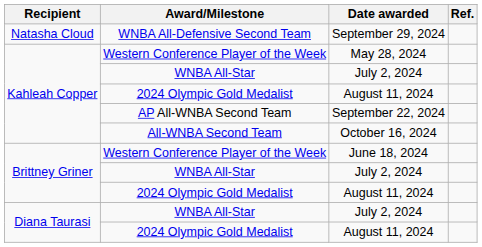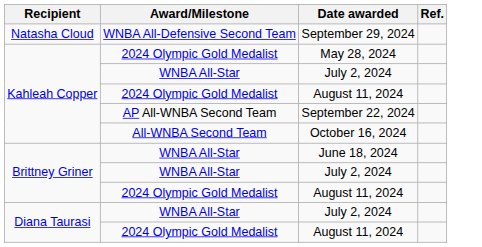 <table class="wikitable sortable sortable" style="text-align: center">
 <tr>
 <th>Recipient</th>
 <th>Award/Milestone</th>
 <th>Date awarded</th>
 <th>Ref.</th>
 </tr>
 <tr>
 <td><a href='#'>Natasha Cloud</a></td>
 <td><a href='#'>WNBA All-Defensive Second Team</a></td>
 <td>September 29, 2024</td>
 <td></td>
 </tr>
 <tr>
 <td rowspan=5><a href='#'>Kahleah Copper</a></td>
-<td><a href='#'>Western Conference Player of the Week</a></td>
+<td><a href='#'>2024 Olympic Gold Medalist</a></td>
 <td>May 28, 2024</td>
 <td></td>
 </tr>
 <tr>
 <td><a href='#'>WNBA All-Star</a></td>
 <td>July 2, 2024</td>
 <td></td>
 </tr>
 <tr>
 <td><a href='#'>2024 Olympic Gold Medalist</a></td>
 <td>August 11, 2024</td>
 <td></td>
 </tr>
 <tr>
 <td><a href='#'>AP</a> All-WNBA Second Team</td>
 <td>September 22, 2024</td>
 <td></td>
 </tr>
 <tr>
 <td><a href='#'>All-WNBA Second Team</a></td>
 <td>October 16, 2024</td>
 <td></td>
 </tr>
 <tr>
 <td rowspan=3><a href='#'>Brittney Griner</a></td>
-<td><a href='#'>Western Conference Player of the Week</a></td>
+<td><a href='#'>WNBA All-Star</a></td>
 <td>June 18, 2024</td>
 <td></td>
 </tr>
 <tr>
 <td><a href='#'>WNBA All-Star</a></td>
 <td>July 2, 2024</td>
 <td></td>
 </tr>
 <tr>
 <td><a href='#'>2024 Olympic Gold Medalist</a></td>
 <td>August 11, 2024</td>
 <td></td>
 </tr>
 <tr>
 <td rowspan=2><a href='#'>Diana Taurasi</a></td>
 <td><a href='#'>WNBA All-Star</a></td>
 <td>July 2, 2024</td>
 <td></td>
 </tr>
 <tr>
 <td><a href='#'>2024 Olympic Gold Medalist</a></td>
 <td>August 11, 2024</td>
 <td></td>
 </tr>
 </table>
